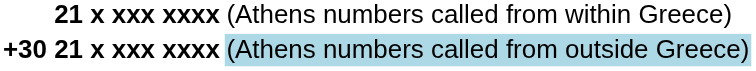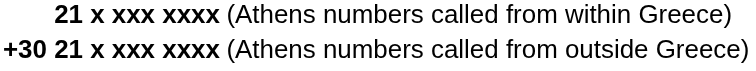 <table class="toccolours" style="font-size:100%">
 <tr>
 <td style="text-align:right; width:12em;"><strong>21 x xxx xxxx</strong></td>
 <td>(Athens numbers called from within Greece)</td>
 </tr>
 <tr>
 <td style="text-align:right; width:12em;"><strong>+30 21 x xxx xxxx</strong></td>
-<td style="background: lightblue;">(Athens numbers called from outside Greece)</td>
+<td>(Athens numbers called from outside Greece)</td>
 </tr>
 </table>
